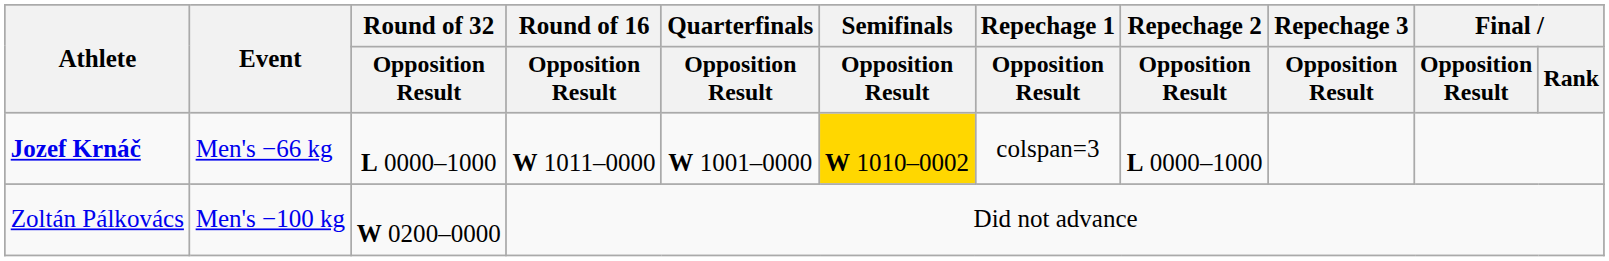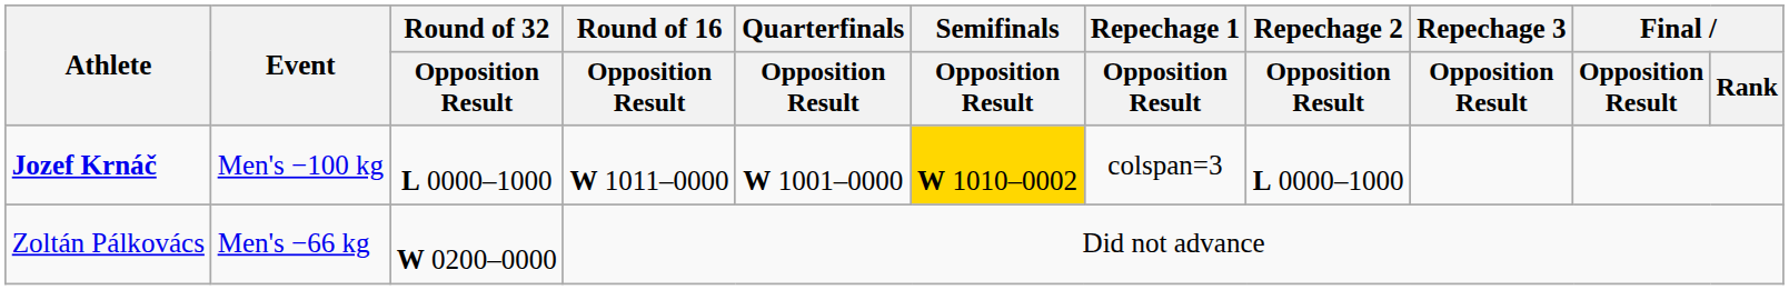 <table class="wikitable" style="font-size:90%">
 <tr>
 <th rowspan="2">Athlete</th>
 <th rowspan="2">Event</th>
 <th>Round of 32</th>
 <th>Round of 16</th>
 <th>Quarterfinals</th>
 <th>Semifinals</th>
 <th>Repechage 1</th>
 <th>Repechage 2</th>
 <th>Repechage 3</th>
 <th colspan=2>Final / </th>
 </tr>
 <tr style="font-size:95%">
 <th>Opposition<br>Result</th>
 <th>Opposition<br>Result</th>
 <th>Opposition<br>Result</th>
 <th>Opposition<br>Result</th>
 <th>Opposition<br>Result</th>
 <th>Opposition<br>Result</th>
 <th>Opposition<br>Result</th>
 <th>Opposition<br>Result</th>
 <th>Rank</th>
 </tr>
 <tr align=center>
 <td align=left><strong><a href='#'>Jozef Krnáč</a></strong></td>
-<td align=left><a href='#'>Men's −66 kg</a></td>
+<td align=left><a href='#'>Men's −100 kg</a></td>
 <td><br><strong>L</strong> 0000–1000</td>
 <td><br><strong>W</strong> 1011–0000</td>
 <td><br><strong>W</strong> 1001–0000</td>
 <td style="background: gold;"><br><strong>W</strong> 1010–0002</td>
 <td>colspan=3 </td>
 <td><br><strong>L</strong> 0000–1000</td>
 <td></td>
 </tr>
 <tr align=center>
 <td align=left><a href='#'>Zoltán Pálkovács</a></td>
-<td align=left><a href='#'>Men's −100 kg</a></td>
+<td align=left><a href='#'>Men's −66 kg</a></td>
 <td><br><strong>W</strong> 0200–0000</td>
 <td colspan=8>Did not advance</td>
 </tr>
 </table>
